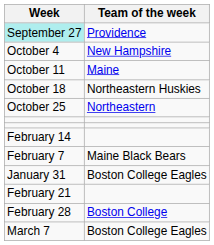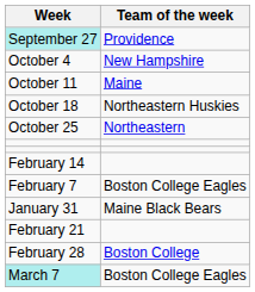 <table class="wikitable">
 <tr>
 <th>Week</th>
 <th>Team of the week</th>
 </tr>
 <tr>
 <td style="background: paleturquoise;">September 27</td>
 <td><a href='#'>Providence</a></td>
 </tr>
 <tr>
 <td>October 4</td>
 <td><a href='#'>New Hampshire</a></td>
 </tr>
 <tr>
 <td>October 11</td>
 <td><a href='#'>Maine</a></td>
 </tr>
 <tr>
 <td>October 18</td>
 <td>Northeastern Huskies</td>
 </tr>
 <tr>
 <td>October 25</td>
 <td><a href='#'>Northeastern</a></td>
 </tr>
 <tr>
 <td></td>
 <td></td>
 </tr>
 <tr>
 <td></td>
 <td></td>
 </tr>
 <tr>
 <td>February 14</td>
 <td></td>
 </tr>
 <tr>
 <td>February 7</td>
-<td>Maine Black Bears</td>
+<td>Boston College Eagles</td>
 </tr>
 <tr>
 <td>January 31</td>
-<td>Boston College Eagles</td>
+<td>Maine Black Bears</td>
 </tr>
 <tr>
 <td>February 21</td>
 <td></td>
 </tr>
 <tr>
 <td>February 28</td>
 <td><a href='#'>Boston College</a></td>
 </tr>
 <tr>
-<td>March 7</td>
+<td style="background: paleturquoise;">March 7</td>
 <td>Boston College Eagles</td>
 </tr>
 </table>
